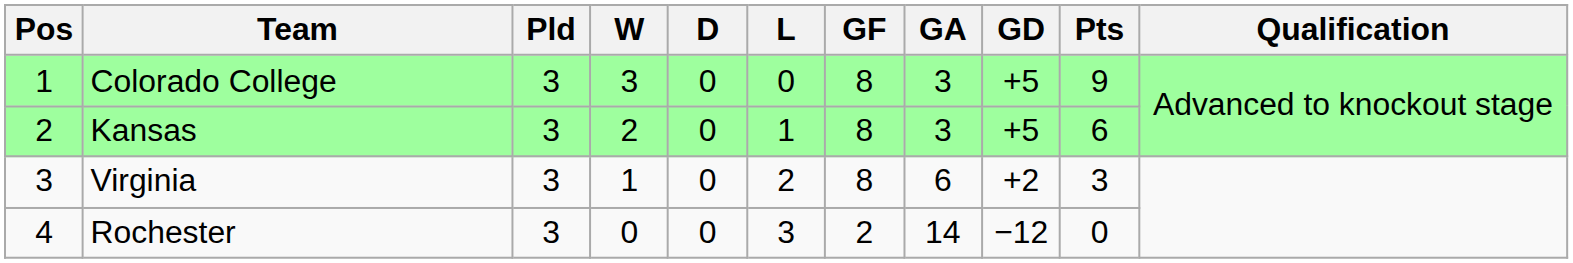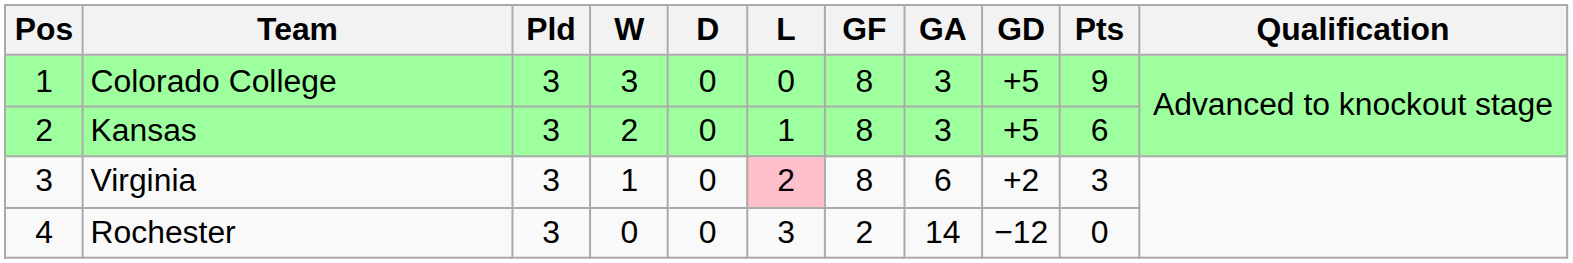 <table class="wikitable" style="text-align:center; margin: 1em auto">
 <tr>
 <th style="width:2em">Pos</th>
 <th style="width:13em">Team</th>
 <th style="width:2em">Pld</th>
 <th style="width:2em">W</th>
 <th style="width:2em">D</th>
 <th style="width:2em">L</th>
 <th style="width:2em">GF</th>
 <th style="width:2em">GA</th>
 <th style="width:2em">GD</th>
 <th style="width:2em">Pts</th>
 <th style="width:13em">Qualification</th>
 </tr>
 <tr bgcolor="#9eff9e">
 <td>1</td>
 <td style="text-align:left">Colorado College</td>
 <td>3</td>
 <td>3</td>
 <td>0</td>
 <td>0</td>
 <td>8</td>
 <td>3</td>
 <td>+5</td>
 <td>9</td>
 <td rowspan="2">Advanced to knockout stage</td>
 </tr>
 <tr bgcolor="#9eff9e">
 <td>2</td>
 <td style="text-align:left">Kansas</td>
 <td>3</td>
 <td>2</td>
 <td>0</td>
 <td>1</td>
 <td>8</td>
 <td>3</td>
 <td>+5</td>
 <td>6</td>
 </tr>
 <tr>
 <td>3</td>
 <td style="text-align:left">Virginia</td>
 <td>3</td>
 <td>1</td>
 <td>0</td>
-<td>2</td>
+<td style="background: pink;">2</td>
 <td>8</td>
 <td>6</td>
 <td>+2</td>
 <td>3</td>
 <td rowspan="2"></td>
 </tr>
 <tr>
 <td>4</td>
 <td style="text-align:left">Rochester</td>
 <td>3</td>
 <td>0</td>
 <td>0</td>
 <td>3</td>
 <td>2</td>
 <td>14</td>
 <td>−12</td>
 <td>0</td>
 </tr>
 </table>
